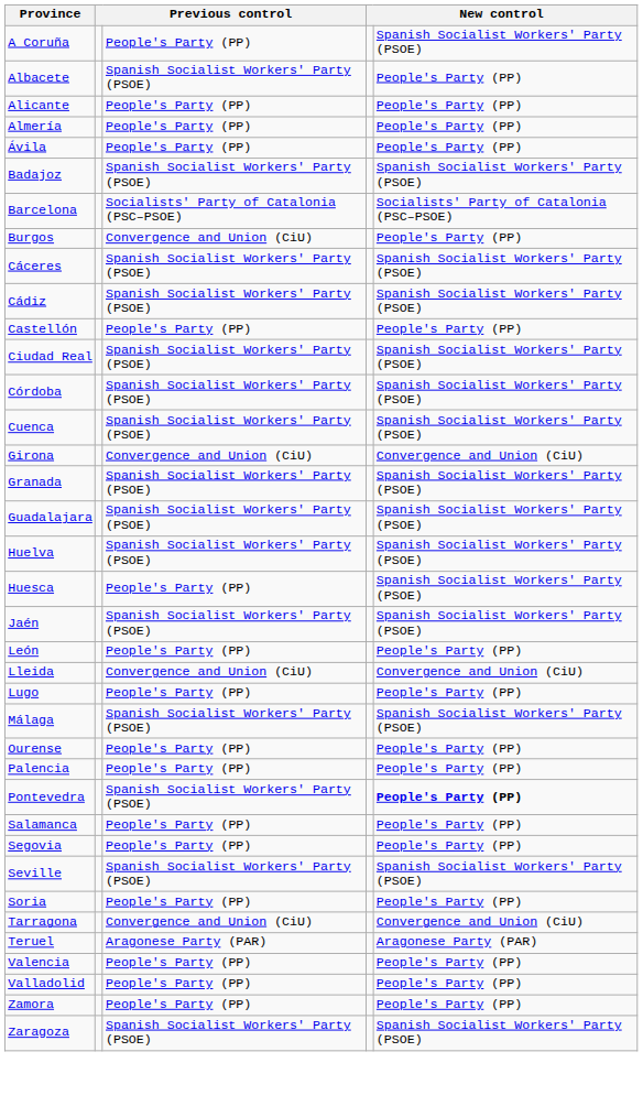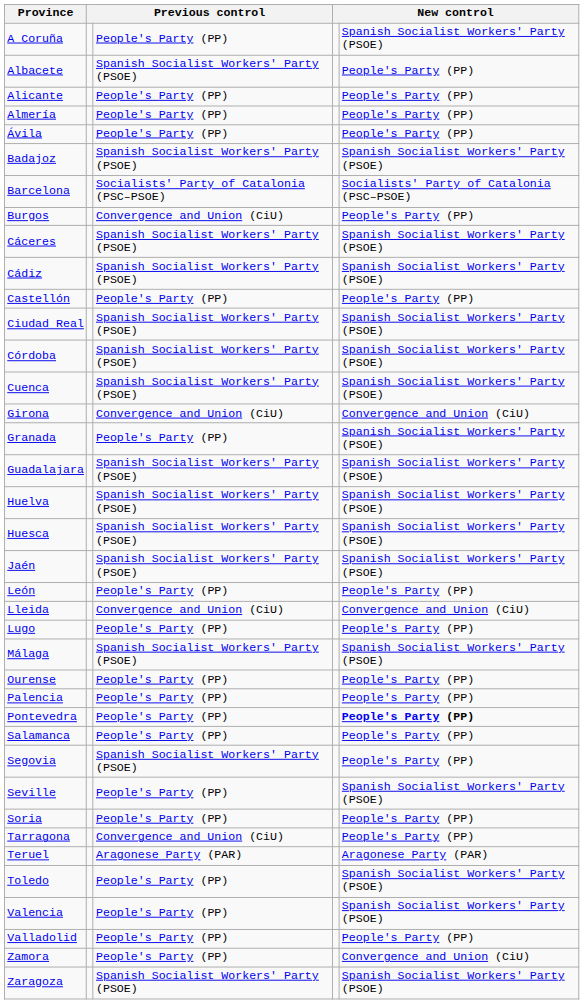 <table class="wikitable sortable" style="font-size:95%;">
 <tr>
 <th>Province</th>
 <th colspan="2" style="width:375px;">Previous control</th>
 <th colspan="2" style="width:375px;">New control</th>
 </tr>
 <tr>
 <td><a href='#'>A Coruña</a></td>
 <td width="1" style="color:inherit;background:"></td>
 <td><a href='#'>People's Party</a> (PP)</td>
 <td width="1" style="color:inherit;background:"></td>
 <td><a href='#'>Spanish Socialist Workers' Party</a> (PSOE)</td>
 </tr>
 <tr>
 <td><a href='#'>Albacete</a></td>
 <td style="color:inherit;background:"></td>
 <td><a href='#'>Spanish Socialist Workers' Party</a> (PSOE)</td>
 <td style="color:inherit;background:"></td>
 <td><a href='#'>People's Party</a> (PP)</td>
 </tr>
 <tr>
 <td><a href='#'>Alicante</a></td>
 <td style="color:inherit;background:"></td>
 <td><a href='#'>People's Party</a> (PP)</td>
 <td style="color:inherit;background:"></td>
 <td><a href='#'>People's Party</a> (PP)</td>
 </tr>
 <tr>
 <td><a href='#'>Almería</a></td>
 <td style="color:inherit;background:"></td>
 <td><a href='#'>People's Party</a> (PP)</td>
 <td style="color:inherit;background:"></td>
 <td><a href='#'>People's Party</a> (PP)</td>
 </tr>
 <tr>
 <td><a href='#'>Ávila</a></td>
 <td style="color:inherit;background:"></td>
 <td><a href='#'>People's Party</a> (PP)</td>
 <td style="color:inherit;background:"></td>
 <td><a href='#'>People's Party</a> (PP)</td>
 </tr>
 <tr>
 <td><a href='#'>Badajoz</a></td>
 <td style="color:inherit;background:"></td>
 <td><a href='#'>Spanish Socialist Workers' Party</a> (PSOE)</td>
 <td style="color:inherit;background:"></td>
 <td><a href='#'>Spanish Socialist Workers' Party</a> (PSOE)</td>
 </tr>
 <tr>
 <td><a href='#'>Barcelona</a></td>
 <td style="color:inherit;background:"></td>
 <td><a href='#'>Socialists' Party of Catalonia</a> (PSC–PSOE)</td>
 <td style="color:inherit;background:"></td>
 <td><a href='#'>Socialists' Party of Catalonia</a> (PSC–PSOE)</td>
 </tr>
 <tr>
 <td><a href='#'>Burgos</a></td>
 <td style="color:inherit;background:"></td>
 <td><a href='#'>Convergence and Union</a> (CiU)</td>
 <td style="color:inherit;background:"></td>
 <td><a href='#'>People's Party</a> (PP)</td>
 </tr>
 <tr>
 <td><a href='#'>Cáceres</a></td>
 <td style="color:inherit;background:"></td>
 <td><a href='#'>Spanish Socialist Workers' Party</a> (PSOE)</td>
 <td style="color:inherit;background:"></td>
 <td><a href='#'>Spanish Socialist Workers' Party</a> (PSOE)</td>
 </tr>
 <tr>
 <td><a href='#'>Cádiz</a></td>
 <td style="color:inherit;background:"></td>
 <td><a href='#'>Spanish Socialist Workers' Party</a> (PSOE)</td>
 <td style="color:inherit;background:"></td>
 <td><a href='#'>Spanish Socialist Workers' Party</a> (PSOE)</td>
 </tr>
 <tr>
 <td><a href='#'>Castellón</a></td>
 <td style="color:inherit;background:"></td>
 <td><a href='#'>People's Party</a> (PP)</td>
 <td style="color:inherit;background:"></td>
 <td><a href='#'>People's Party</a> (PP)</td>
 </tr>
 <tr>
 <td><a href='#'>Ciudad Real</a></td>
 <td style="color:inherit;background:"></td>
 <td><a href='#'>Spanish Socialist Workers' Party</a> (PSOE)</td>
 <td style="color:inherit;background:"></td>
 <td><a href='#'>Spanish Socialist Workers' Party</a> (PSOE)</td>
 </tr>
 <tr>
 <td><a href='#'>Córdoba</a></td>
 <td style="color:inherit;background:"></td>
 <td><a href='#'>Spanish Socialist Workers' Party</a> (PSOE)</td>
 <td style="color:inherit;background:"></td>
 <td><a href='#'>Spanish Socialist Workers' Party</a> (PSOE)</td>
 </tr>
 <tr>
 <td><a href='#'>Cuenca</a></td>
 <td style="color:inherit;background:"></td>
 <td><a href='#'>Spanish Socialist Workers' Party</a> (PSOE)</td>
 <td style="color:inherit;background:"></td>
 <td><a href='#'>Spanish Socialist Workers' Party</a> (PSOE)</td>
 </tr>
 <tr>
 <td><a href='#'>Girona</a></td>
 <td style="color:inherit;background:"></td>
 <td><a href='#'>Convergence and Union</a> (CiU)</td>
 <td style="color:inherit;background:"></td>
 <td><a href='#'>Convergence and Union</a> (CiU)</td>
 </tr>
 <tr>
 <td><a href='#'>Granada</a></td>
 <td style="color:inherit;background:"></td>
-<td><a href='#'>Spanish Socialist Workers' Party</a> (PSOE)</td>
+<td><a href='#'>People's Party</a> (PP)</td>
 <td style="color:inherit;background:"></td>
 <td><a href='#'>Spanish Socialist Workers' Party</a> (PSOE)</td>
 </tr>
 <tr>
 <td><a href='#'>Guadalajara</a></td>
 <td style="color:inherit;background:"></td>
 <td><a href='#'>Spanish Socialist Workers' Party</a> (PSOE)</td>
 <td style="color:inherit;background:"></td>
 <td><a href='#'>Spanish Socialist Workers' Party</a> (PSOE)</td>
 </tr>
 <tr>
 <td><a href='#'>Huelva</a></td>
 <td style="color:inherit;background:"></td>
 <td><a href='#'>Spanish Socialist Workers' Party</a> (PSOE)</td>
 <td style="color:inherit;background:"></td>
 <td><a href='#'>Spanish Socialist Workers' Party</a> (PSOE)</td>
 </tr>
 <tr>
 <td><a href='#'>Huesca</a></td>
 <td style="color:inherit;background:"></td>
-<td><a href='#'>People's Party</a> (PP)</td>
+<td><a href='#'>Spanish Socialist Workers' Party</a> (PSOE)</td>
 <td style="color:inherit;background:"></td>
 <td><a href='#'>Spanish Socialist Workers' Party</a> (PSOE)</td>
 </tr>
 <tr>
 <td><a href='#'>Jaén</a></td>
 <td style="color:inherit;background:"></td>
 <td><a href='#'>Spanish Socialist Workers' Party</a> (PSOE)</td>
 <td style="color:inherit;background:"></td>
 <td><a href='#'>Spanish Socialist Workers' Party</a> (PSOE)</td>
 </tr>
 <tr>
 <td><a href='#'>León</a></td>
 <td style="color:inherit;background:"></td>
 <td><a href='#'>People's Party</a> (PP)</td>
 <td style="color:inherit;background:"></td>
 <td><a href='#'>People's Party</a> (PP)</td>
 </tr>
 <tr>
 <td><a href='#'>Lleida</a></td>
 <td style="color:inherit;background:"></td>
 <td><a href='#'>Convergence and Union</a> (CiU)</td>
 <td style="color:inherit;background:"></td>
 <td><a href='#'>Convergence and Union</a> (CiU)</td>
 </tr>
 <tr>
 <td><a href='#'>Lugo</a></td>
 <td style="color:inherit;background:"></td>
 <td><a href='#'>People's Party</a> (PP)</td>
 <td style="color:inherit;background:"></td>
 <td><a href='#'>People's Party</a> (PP)</td>
 </tr>
 <tr>
 <td><a href='#'>Málaga</a></td>
 <td style="color:inherit;background:"></td>
 <td><a href='#'>Spanish Socialist Workers' Party</a> (PSOE)</td>
 <td style="color:inherit;background:"></td>
 <td><a href='#'>Spanish Socialist Workers' Party</a> (PSOE)</td>
 </tr>
 <tr>
 <td><a href='#'>Ourense</a></td>
 <td style="color:inherit;background:"></td>
 <td><a href='#'>People's Party</a> (PP)</td>
 <td style="color:inherit;background:"></td>
 <td><a href='#'>People's Party</a> (PP)</td>
 </tr>
 <tr>
 <td><a href='#'>Palencia</a></td>
 <td style="color:inherit;background:"></td>
 <td><a href='#'>People's Party</a> (PP)</td>
 <td style="color:inherit;background:"></td>
 <td><a href='#'>People's Party</a> (PP)</td>
 </tr>
 <tr>
 <td><a href='#'>Pontevedra</a></td>
 <td style="color:inherit;background:"></td>
-<td><a href='#'>Spanish Socialist Workers' Party</a> (PSOE)</td>
+<td><a href='#'>People's Party</a> (PP)</td>
 <td style="color:inherit;background:"></td>
 <td><strong><a href='#'>People's Party</a> (PP)</strong></td>
 </tr>
 <tr>
 <td><a href='#'>Salamanca</a></td>
 <td style="color:inherit;background:"></td>
 <td><a href='#'>People's Party</a> (PP)</td>
 <td style="color:inherit;background:"></td>
 <td><a href='#'>People's Party</a> (PP)</td>
 </tr>
 <tr>
 <td><a href='#'>Segovia</a></td>
 <td style="color:inherit;background:"></td>
-<td><a href='#'>People's Party</a> (PP)</td>
+<td><a href='#'>Spanish Socialist Workers' Party</a> (PSOE)</td>
 <td style="color:inherit;background:"></td>
 <td><a href='#'>People's Party</a> (PP)</td>
 </tr>
 <tr>
 <td><a href='#'>Seville</a></td>
 <td style="color:inherit;background:"></td>
-<td><a href='#'>Spanish Socialist Workers' Party</a> (PSOE)</td>
+<td><a href='#'>People's Party</a> (PP)</td>
 <td style="color:inherit;background:"></td>
 <td><a href='#'>Spanish Socialist Workers' Party</a> (PSOE)</td>
 </tr>
 <tr>
 <td><a href='#'>Soria</a></td>
 <td style="color:inherit;background:"></td>
 <td><a href='#'>People's Party</a> (PP)</td>
 <td style="color:inherit;background:"></td>
 <td><a href='#'>People's Party</a> (PP)</td>
 </tr>
 <tr>
 <td><a href='#'>Tarragona</a></td>
 <td style="color:inherit;background:"></td>
 <td><a href='#'>Convergence and Union</a> (CiU)</td>
 <td style="color:inherit;background:"></td>
-<td><a href='#'>Convergence and Union</a> (CiU)</td>
+<td><a href='#'>People's Party</a> (PP)</td>
 </tr>
 <tr>
 <td><a href='#'>Teruel</a></td>
 <td style="color:inherit;background:"></td>
 <td><a href='#'>Aragonese Party</a> (PAR)</td>
 <td style="color:inherit;background:"></td>
 <td><a href='#'>Aragonese Party</a> (PAR) </td>
 </tr>
 <tr>
+<td><a href='#'>Toledo</a></td>
+<td style="color:inherit;background:"></td>
+<td><a href='#'>People's Party</a> (PP)</td>
+<td style="color:inherit;background:"></td>
+<td><a href='#'>Spanish Socialist Workers' Party</a> (PSOE)</td>
+</tr>
+<tr>
 <td><a href='#'>Valencia</a></td>
 <td style="color:inherit;background:"></td>
 <td><a href='#'>People's Party</a> (PP)</td>
 <td style="color:inherit;background:"></td>
-<td><a href='#'>People's Party</a> (PP)</td>
+<td><a href='#'>Spanish Socialist Workers' Party</a> (PSOE)</td>
 </tr>
 <tr>
 <td><a href='#'>Valladolid</a></td>
 <td style="color:inherit;background:"></td>
 <td><a href='#'>People's Party</a> (PP)</td>
 <td style="color:inherit;background:"></td>
 <td><a href='#'>People's Party</a> (PP)</td>
 </tr>
 <tr>
 <td><a href='#'>Zamora</a></td>
 <td style="color:inherit;background:"></td>
 <td><a href='#'>People's Party</a> (PP)</td>
 <td style="color:inherit;background:"></td>
-<td><a href='#'>People's Party</a> (PP)</td>
+<td><a href='#'>Convergence and Union</a> (CiU)</td>
 </tr>
 <tr>
 <td><a href='#'>Zaragoza</a></td>
 <td style="color:inherit;background:"></td>
 <td><a href='#'>Spanish Socialist Workers' Party</a> (PSOE)</td>
 <td style="color:inherit;background:"></td>
 <td><a href='#'>Spanish Socialist Workers' Party</a> (PSOE)</td>
 </tr>
 </table>
